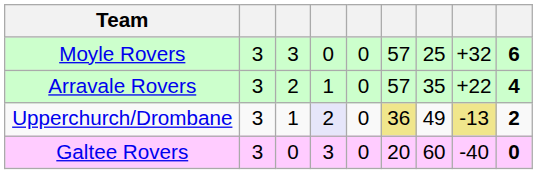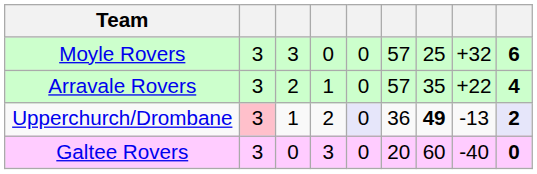 <table class="wikitable" style="text-align:center">
 <tr>
 <th style="width:175px;">Team</th>
 <th width="20"></th>
 <th width="20"></th>
 <th width="20"></th>
 <th width="20"></th>
 <th width="20"></th>
 <th width="20"></th>
 <th width="20"></th>
 <th width="20"></th>
 </tr>
 <tr style="background:#cfc;">
 <td><a href='#'>Moyle Rovers</a></td>
 <td>3</td>
 <td>3</td>
 <td>0</td>
 <td>0</td>
 <td>57</td>
 <td>25</td>
 <td>+32</td>
 <td><strong>6</strong></td>
 </tr>
 <tr style="background:#cfc;">
 <td><a href='#'>Arravale Rovers</a></td>
 <td>3</td>
 <td>2</td>
 <td>1</td>
 <td>0</td>
 <td>57</td>
 <td>35</td>
 <td>+22</td>
 <td><strong>4</strong></td>
 </tr>
 <tr>
 <td><a href='#'>Upperchurch/Drombane</a></td>
-<td>3</td>
+<td style="background: pink;">3</td>
 <td>1</td>
-<td style="background: lavender;">2</td>
-<td>0</td>
-<td style="background: khaki;">36</td>
-<td>49</td>
-<td style="background: khaki;">-13</td>
-<td><strong>2</strong></td>
+<td>2</td>
+<td style="background: lavender;">0</td>
+<td>36</td>
+<td><strong>49</strong></td>
+<td>-13</td>
+<td style="background: lavender;"><strong>2</strong></td>
 </tr>
 <tr style="background:#fcf;">
 <td><a href='#'>Galtee Rovers</a></td>
 <td>3</td>
 <td>0</td>
 <td>3</td>
 <td>0</td>
 <td>20</td>
 <td>60</td>
 <td>-40</td>
 <td><strong>0</strong></td>
 </tr>
 </table>
